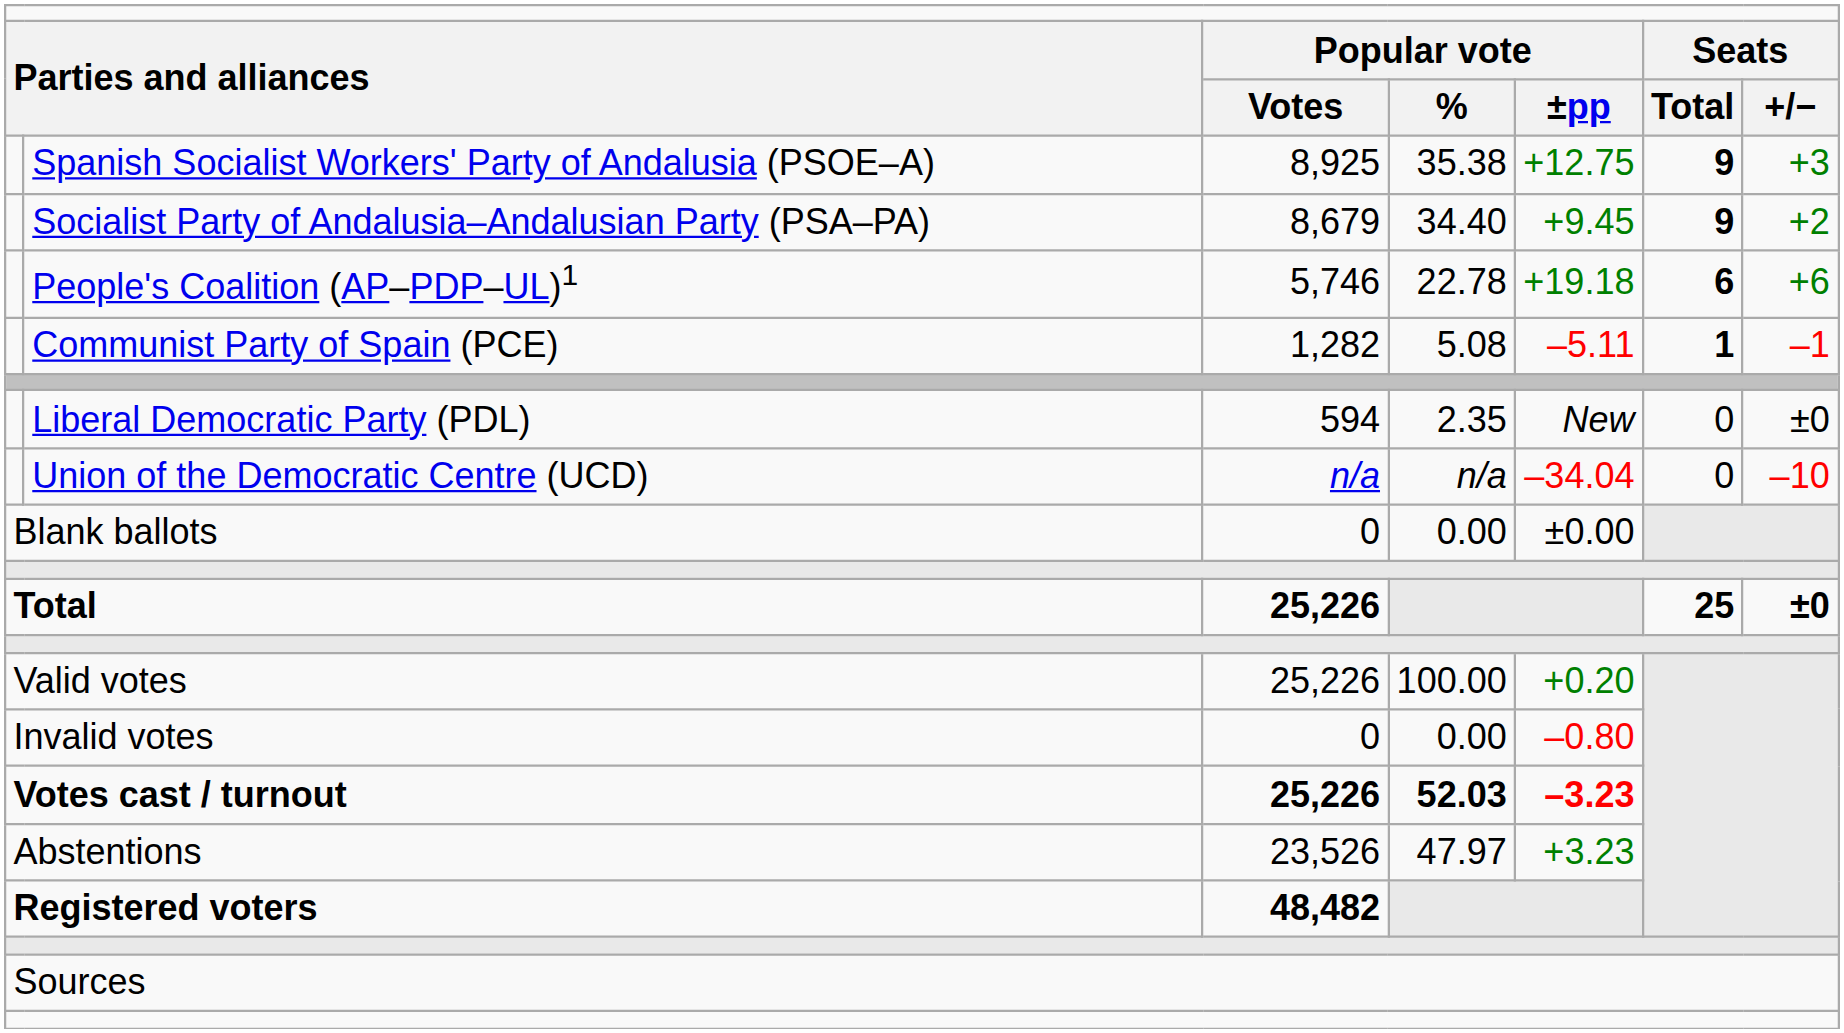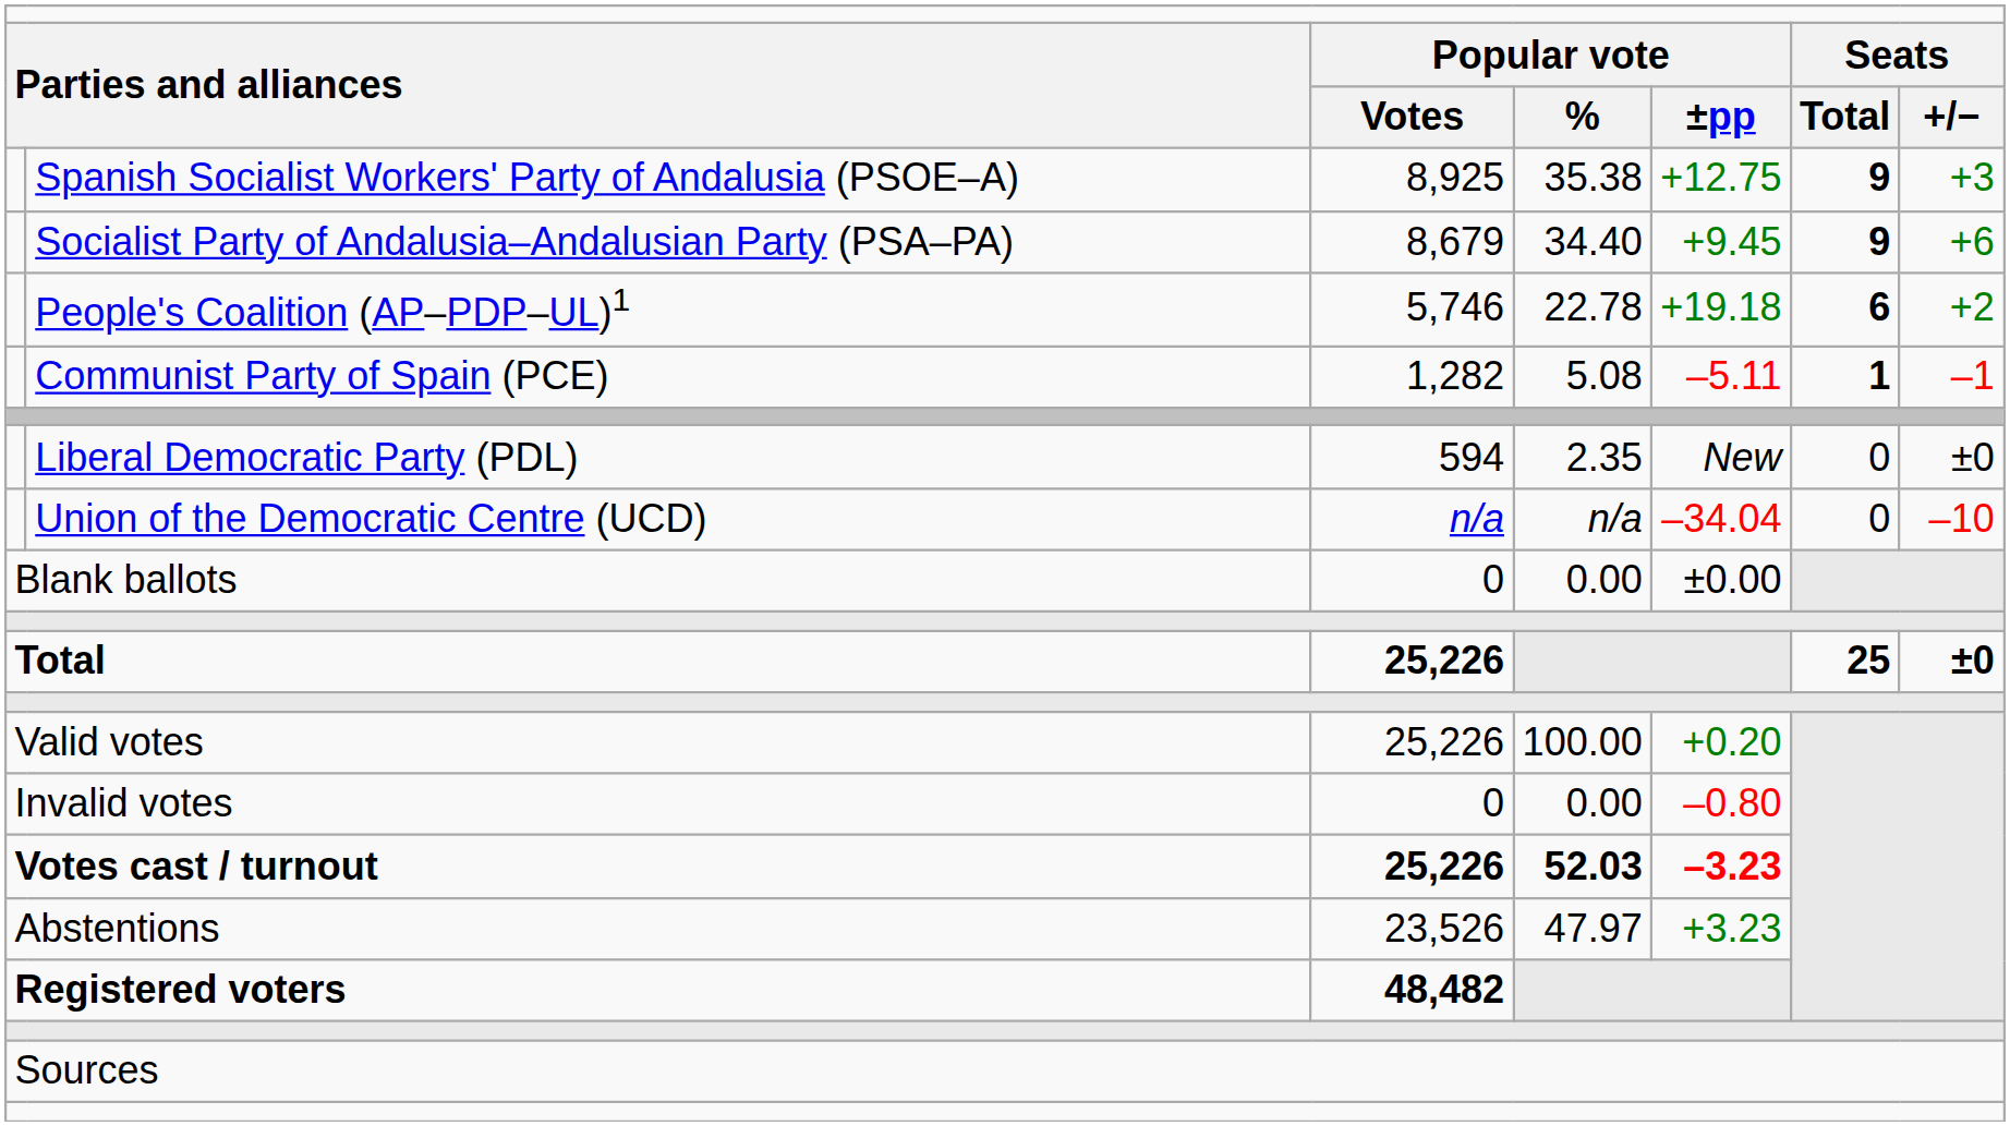 <table class="wikitable" style="text-align:right;">
 <tr>
 <td colspan="7"></td>
 </tr>
 <tr>
 <th style="text-align:left;" rowspan="2" colspan="2" width="525">Parties and alliances</th>
 <th colspan="3">Popular vote</th>
 <th colspan="2">Seats</th>
 </tr>
 <tr>
 <th width="75">Votes</th>
 <th width="45">%</th>
 <th width="45">±<a href='#'>pp</a></th>
 <th width="35">Total</th>
 <th width="35">+/−</th>
 </tr>
 <tr>
 <td width="1" style="color:inherit;background:"></td>
 <td align="left"><a href='#'>Spanish Socialist Workers' Party of Andalusia</a> (PSOE–A)</td>
 <td>8,925</td>
 <td>35.38</td>
 <td style="color:green;">+12.75</td>
 <td><strong>9</strong></td>
 <td style="color:green;">+3</td>
 </tr>
 <tr>
 <td style="color:inherit;background:"></td>
 <td align="left"><a href='#'>Socialist Party of Andalusia–Andalusian Party</a> (PSA–PA)</td>
 <td>8,679</td>
 <td>34.40</td>
 <td style="color:green;">+9.45</td>
 <td><strong>9</strong></td>
-<td style="color:green;">+2</td>
+<td style="color:green;">+6</td>
 </tr>
 <tr>
 <td style="color:inherit;background:"></td>
 <td align="left"><a href='#'>People's Coalition</a> (<a href='#'>AP</a>–<a href='#'>PDP</a>–<a href='#'>UL</a>)<sup>1</sup></td>
 <td>5,746</td>
 <td>22.78</td>
 <td style="color:green;">+19.18</td>
 <td><strong>6</strong></td>
-<td style="color:green;">+6</td>
+<td style="color:green;">+2</td>
 </tr>
 <tr>
 <td style="color:inherit;background:"></td>
 <td align="left"><a href='#'>Communist Party of Spain</a> (PCE)</td>
 <td>1,282</td>
 <td>5.08</td>
 <td style="color:red;">–5.11</td>
 <td><strong>1</strong></td>
 <td style="color:red;">–1</td>
 </tr>
 <tr>
 <td colspan="7" bgcolor="#C0C0C0"></td>
 </tr>
 <tr>
 <td style="color:inherit;background:"></td>
 <td align="left"><a href='#'>Liberal Democratic Party</a> (PDL)</td>
 <td>594</td>
 <td>2.35</td>
 <td><em>New</em></td>
 <td>0</td>
 <td>±0</td>
 </tr>
 <tr>
 <td style="color:inherit;background:"></td>
 <td align="left"><a href='#'>Union of the Democratic Centre</a> (UCD)</td>
 <td><em><a href='#'>n/a</a></em></td>
 <td><em>n/a</em></td>
 <td style="color:red;">–34.04</td>
 <td>0</td>
 <td style="color:red;">–10</td>
 </tr>
 <tr>
 <td align="left" colspan="2">Blank ballots</td>
 <td>0</td>
 <td>0.00</td>
 <td>±0.00</td>
 <td bgcolor="#E9E9E9" colspan="2"></td>
 </tr>
 <tr>
 <td colspan="7" bgcolor="#E9E9E9"></td>
 </tr>
 <tr style="font-weight:bold;">
 <td align="left" colspan="2">Total</td>
 <td>25,226</td>
 <td bgcolor="#E9E9E9" colspan="2"></td>
 <td>25</td>
 <td>±0</td>
 </tr>
 <tr>
 <td colspan="7" bgcolor="#E9E9E9"></td>
 </tr>
 <tr>
 <td align="left" colspan="2">Valid votes</td>
 <td>25,226</td>
 <td>100.00</td>
 <td style="color:green;">+0.20</td>
 <td bgcolor="#E9E9E9" colspan="2" rowspan="5"></td>
 </tr>
 <tr>
 <td align="left" colspan="2">Invalid votes</td>
 <td>0</td>
 <td>0.00</td>
 <td style="color:red;">–0.80</td>
 </tr>
 <tr style="font-weight:bold;">
 <td align="left" colspan="2">Votes cast / turnout</td>
 <td>25,226</td>
 <td>52.03</td>
 <td style="color:red;">–3.23</td>
 </tr>
 <tr>
 <td align="left" colspan="2">Abstentions</td>
 <td>23,526</td>
 <td>47.97</td>
 <td style="color:green;">+3.23</td>
 </tr>
 <tr style="font-weight:bold;">
 <td align="left" colspan="2">Registered voters</td>
 <td>48,482</td>
 <td bgcolor="#E9E9E9" colspan="2"></td>
 </tr>
 <tr>
 <td colspan="7" bgcolor="#E9E9E9"></td>
 </tr>
 <tr>
 <td align="left" colspan="7">Sources</td>
 </tr>
 <tr>
 <td colspan="7" style="text-align:left; max-width:790px;"></td>
 </tr>
 </table>
